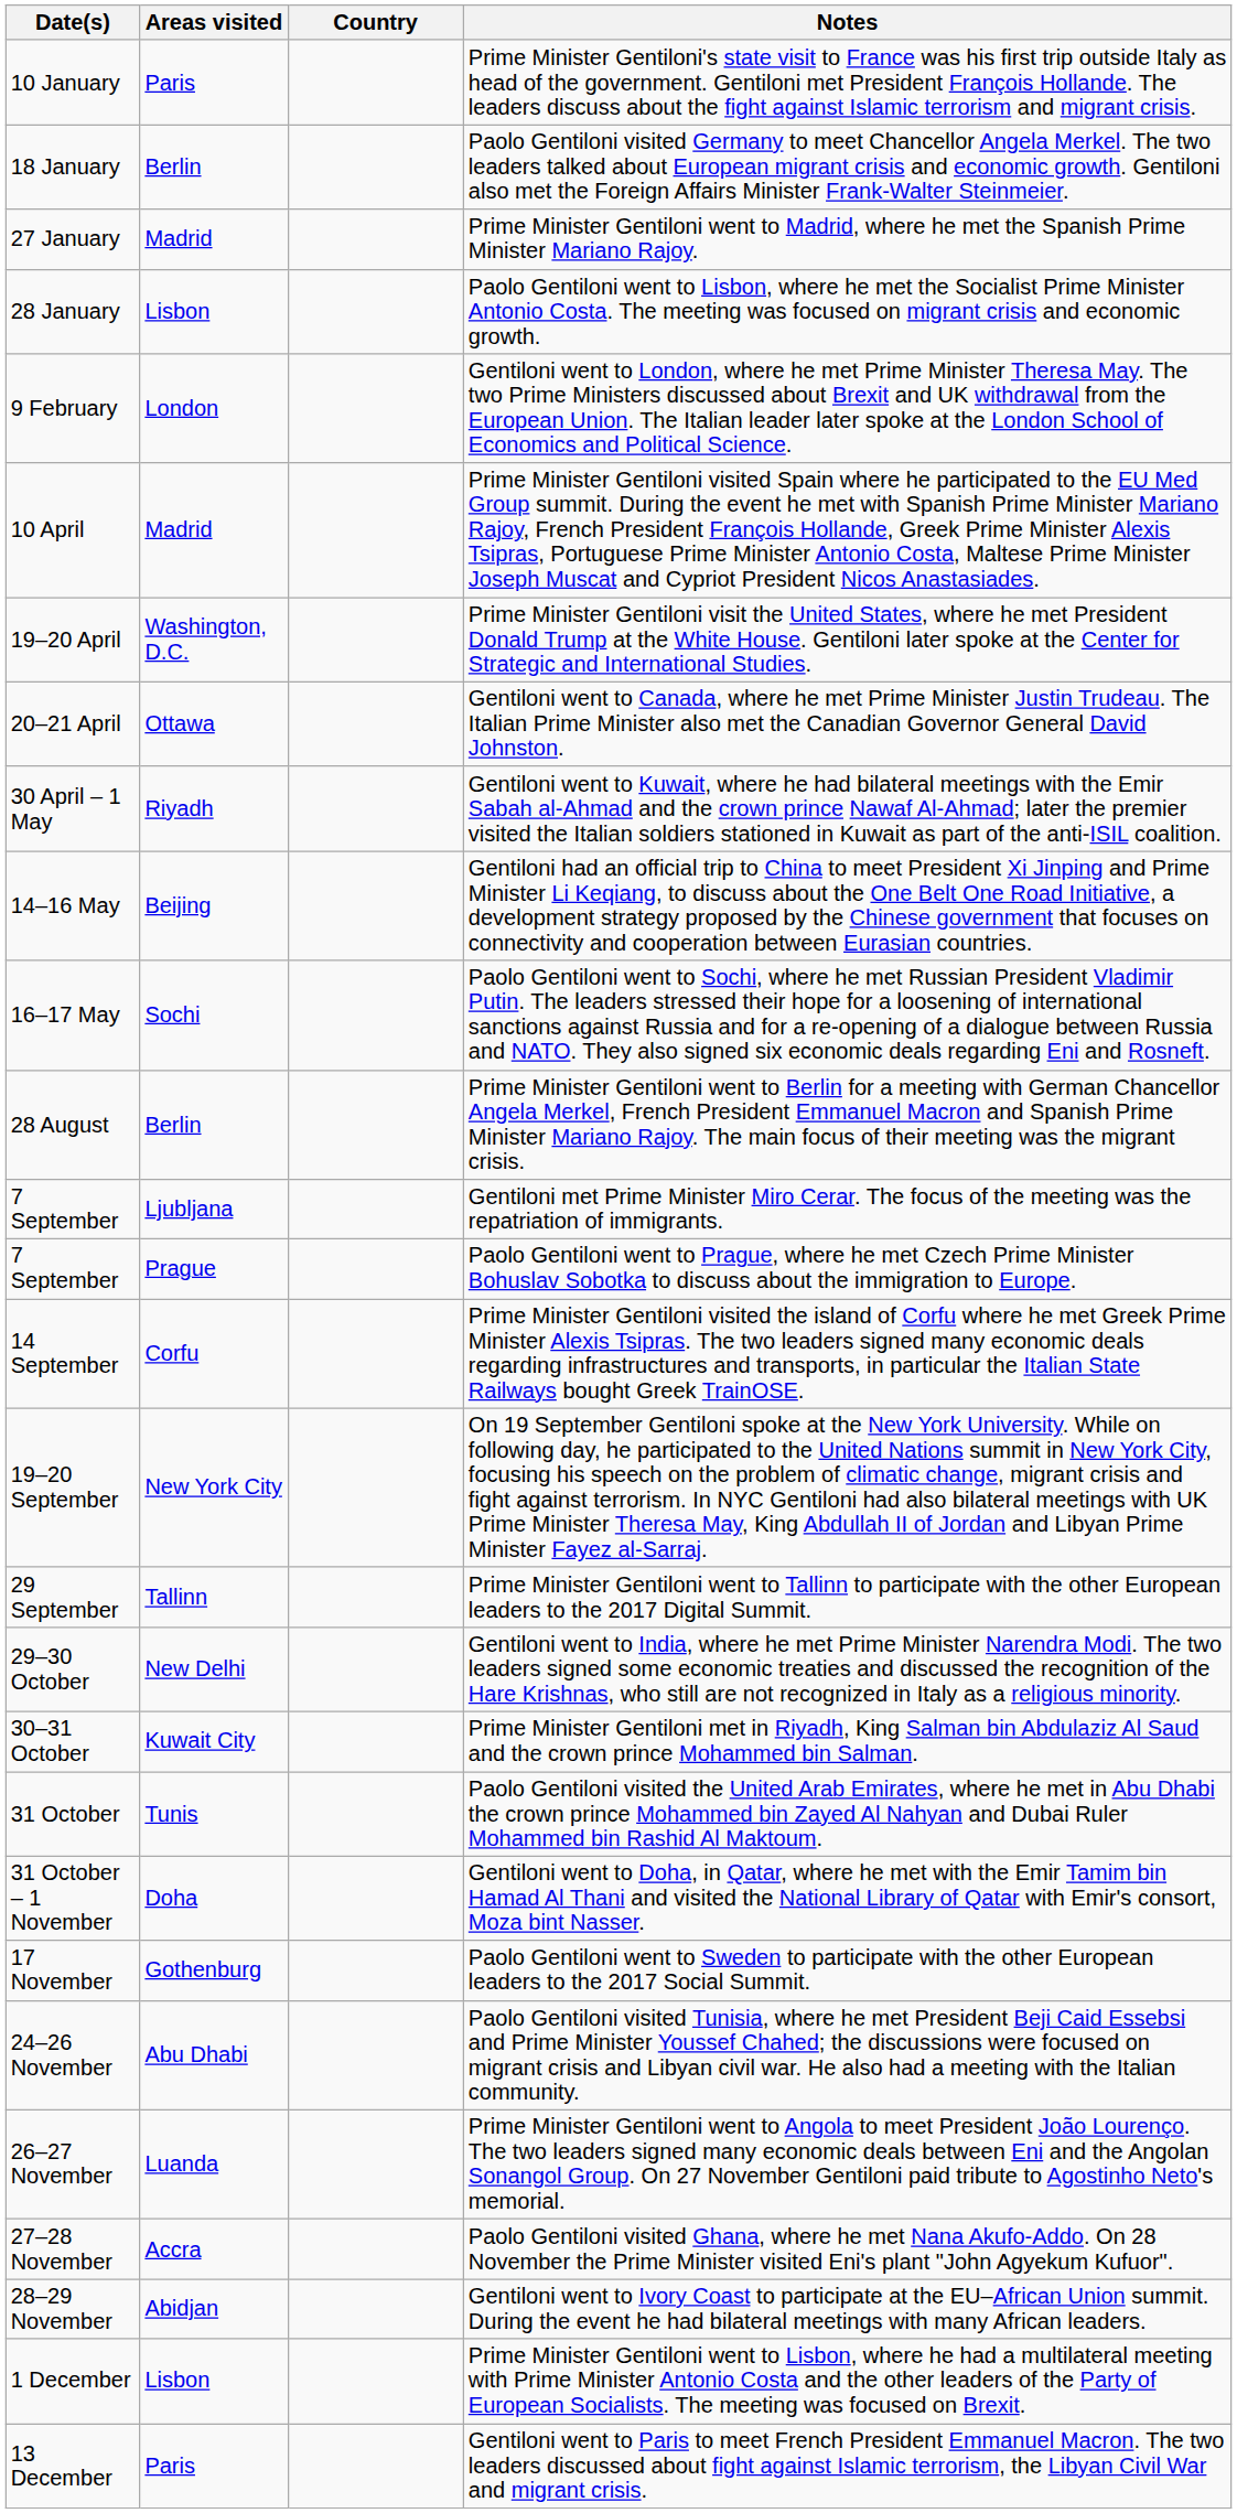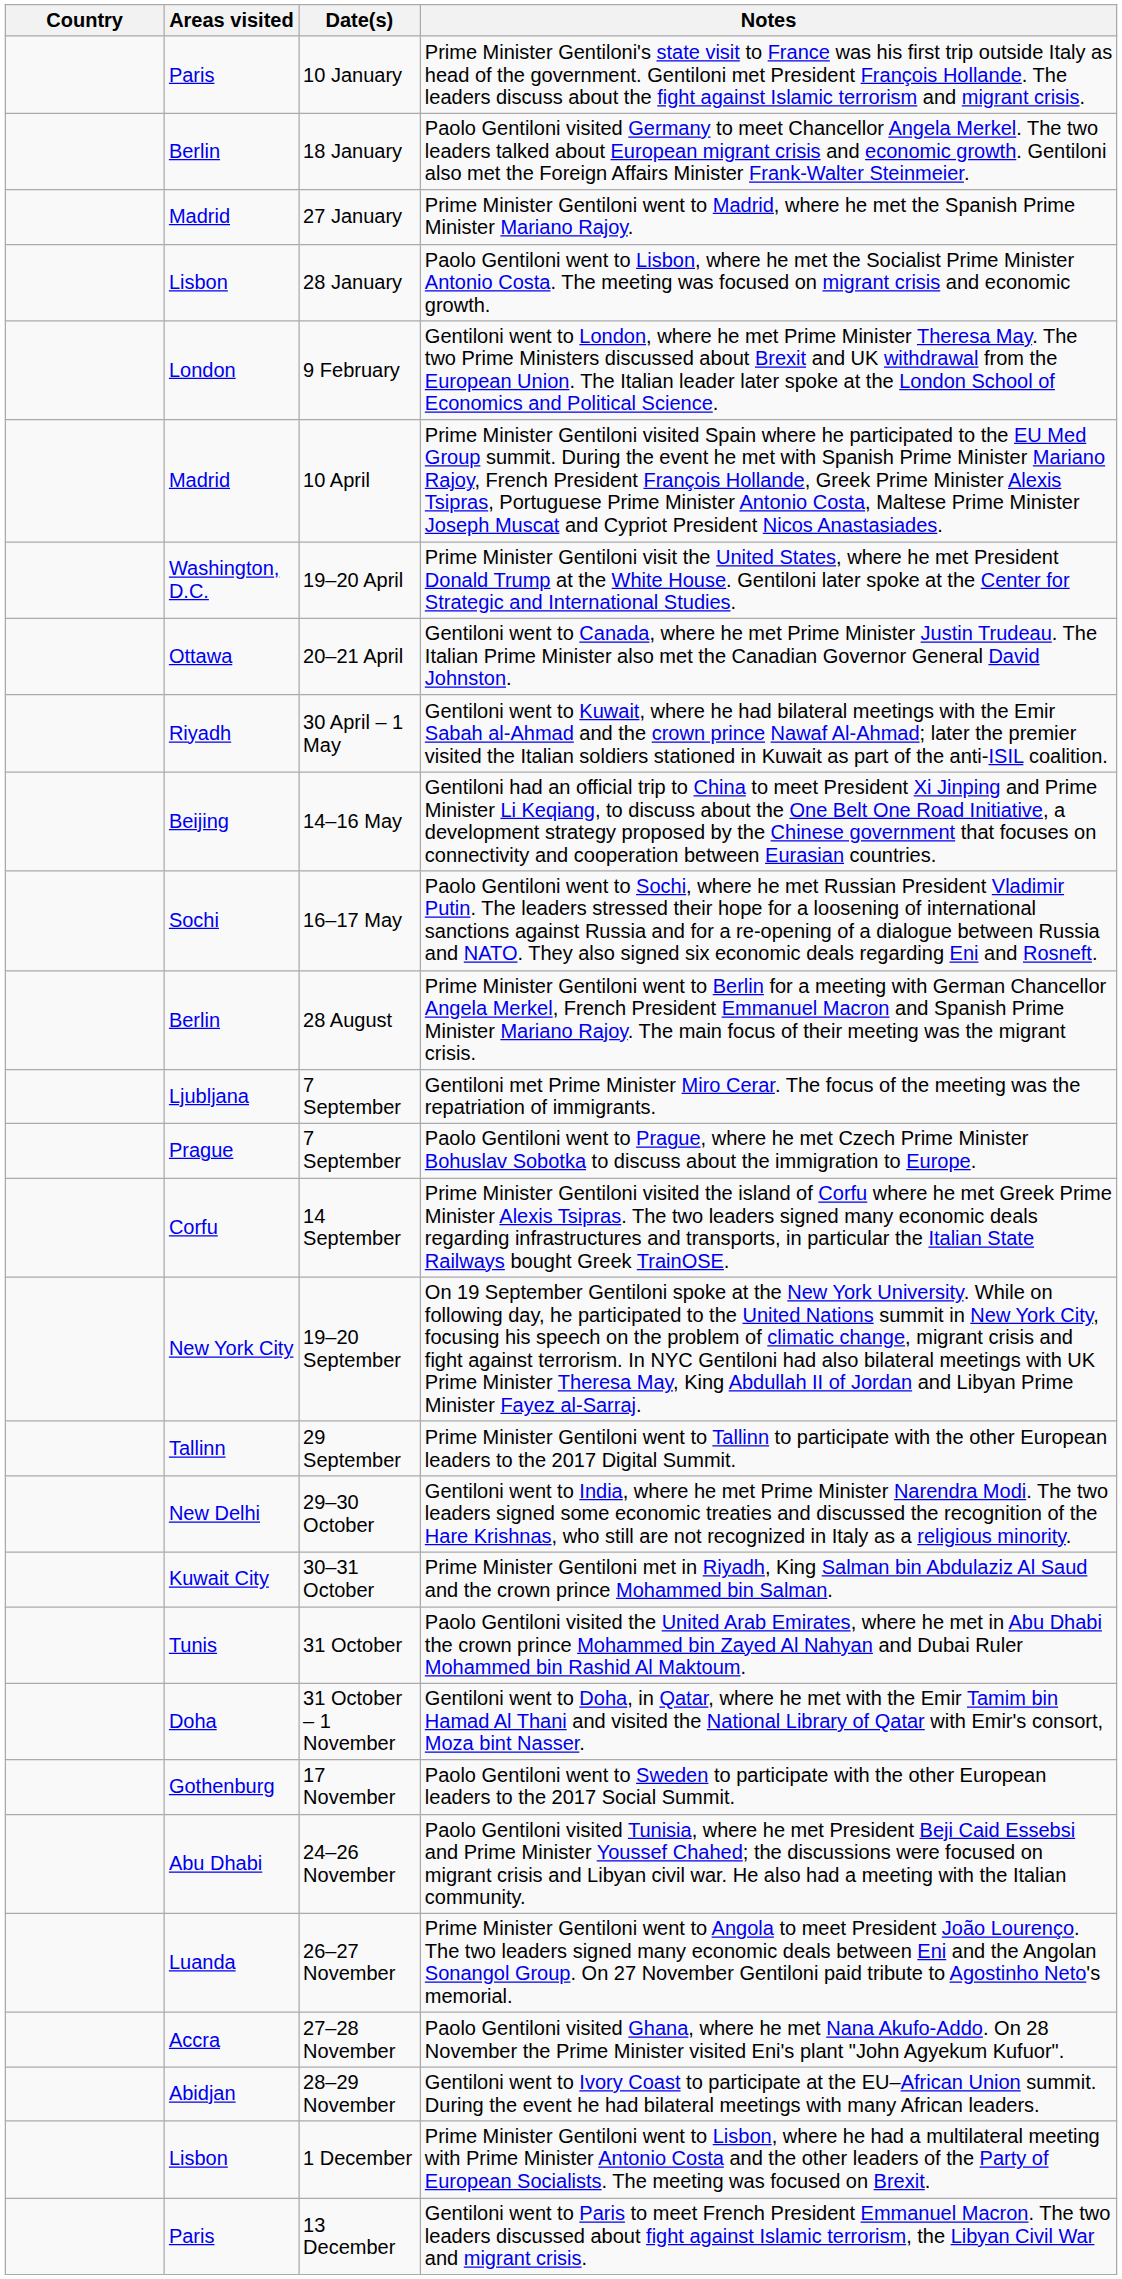 <table class="wikitable" style="margin: 1em auto 1em auto">
 <tr>
+<th width=120>Country</th>
+<th width=100>Areas visited</th>
 <th width=90>Date(s)</th>
-<th width=100>Areas visited</th>
-<th width=120>Country</th>
 <th width=550>Notes</th>
 </tr>
 <tr>
+<td></td>
+<td><a href='#'>Paris</a></td>
 <td>10 January</td>
-<td><a href='#'>Paris</a></td>
-<td></td>
 <td> Prime Minister Gentiloni's <a href='#'>state visit</a> to <a href='#'>France</a> was his first trip outside Italy as head of the government. Gentiloni met President <a href='#'>François Hollande</a>. The leaders discuss about the <a href='#'>fight against Islamic terrorism</a> and <a href='#'>migrant crisis</a>.</td>
 </tr>
 <tr>
+<td></td>
+<td><a href='#'>Berlin</a></td>
 <td>18 January</td>
-<td><a href='#'>Berlin</a></td>
-<td></td>
 <td> Paolo Gentiloni visited <a href='#'>Germany</a> to meet Chancellor <a href='#'>Angela Merkel</a>. The two leaders talked about <a href='#'>European migrant crisis</a> and <a href='#'>economic growth</a>. Gentiloni also met the Foreign Affairs Minister <a href='#'>Frank-Walter Steinmeier</a>.</td>
 </tr>
 <tr>
+<td></td>
+<td><a href='#'>Madrid</a></td>
 <td>27 January</td>
-<td><a href='#'>Madrid</a></td>
-<td></td>
 <td> Prime Minister Gentiloni went to <a href='#'>Madrid</a>, where he met the Spanish Prime Minister <a href='#'>Mariano Rajoy</a>.</td>
 </tr>
 <tr>
+<td></td>
+<td><a href='#'>Lisbon</a></td>
 <td>28 January</td>
-<td><a href='#'>Lisbon</a></td>
-<td></td>
 <td>Paolo Gentiloni went to <a href='#'>Lisbon</a>, where he met the Socialist Prime Minister <a href='#'>Antonio Costa</a>. The meeting was focused on <a href='#'>migrant crisis</a> and economic growth.</td>
 </tr>
 <tr>
+<td></td>
+<td><a href='#'>London</a></td>
 <td>9 February</td>
-<td><a href='#'>London</a></td>
-<td></td>
 <td> Gentiloni went to <a href='#'>London</a>, where he met Prime Minister <a href='#'>Theresa May</a>. The two Prime Ministers discussed about <a href='#'>Brexit</a> and UK <a href='#'>withdrawal</a> from the <a href='#'>European Union</a>. The Italian leader later spoke at the <a href='#'>London School of Economics and Political Science</a>.</td>
 </tr>
 <tr>
+<td></td>
+<td><a href='#'>Madrid</a></td>
 <td>10 April</td>
-<td><a href='#'>Madrid</a></td>
-<td></td>
 <td> Prime Minister Gentiloni visited Spain where he participated to the <a href='#'>EU Med Group</a> summit. During the event he met with Spanish Prime Minister <a href='#'>Mariano Rajoy</a>, French President <a href='#'>François Hollande</a>, Greek Prime Minister <a href='#'>Alexis Tsipras</a>, Portuguese Prime Minister <a href='#'>Antonio Costa</a>, Maltese Prime Minister <a href='#'>Joseph Muscat</a> and Cypriot President <a href='#'>Nicos Anastasiades</a>.</td>
 </tr>
 <tr>
+<td></td>
+<td><a href='#'>Washington, D.C.</a></td>
 <td>19–20 April</td>
-<td><a href='#'>Washington, D.C.</a></td>
-<td></td>
 <td> Prime Minister Gentiloni visit the <a href='#'>United States</a>, where he met President <a href='#'>Donald Trump</a> at the <a href='#'>White House</a>. Gentiloni later spoke at the <a href='#'>Center for Strategic and International Studies</a>.</td>
 </tr>
 <tr>
+<td></td>
+<td><a href='#'>Ottawa</a></td>
 <td>20–21 April</td>
-<td><a href='#'>Ottawa</a></td>
-<td></td>
 <td> Gentiloni went to <a href='#'>Canada</a>, where he met Prime Minister <a href='#'>Justin Trudeau</a>. The Italian Prime Minister also met the Canadian Governor General <a href='#'>David Johnston</a>.</td>
 </tr>
 <tr>
+<td></td>
+<td><a href='#'>Riyadh</a></td>
 <td>30 April – 1 May</td>
-<td><a href='#'>Riyadh</a></td>
-<td></td>
 <td>Gentiloni went to <a href='#'>Kuwait</a>, where he had bilateral meetings with the Emir <a href='#'>Sabah al-Ahmad</a> and the <a href='#'>crown prince</a> <a href='#'>Nawaf Al-Ahmad</a>; later the premier visited the Italian soldiers stationed in Kuwait as part of the anti-<a href='#'>ISIL</a> coalition.</td>
 </tr>
 <tr>
+<td></td>
+<td><a href='#'>Beijing</a></td>
 <td>14–16 May</td>
-<td><a href='#'>Beijing</a></td>
-<td></td>
 <td> Gentiloni had an official trip to <a href='#'>China</a> to meet President <a href='#'>Xi Jinping</a> and Prime Minister <a href='#'>Li Keqiang</a>, to discuss about the <a href='#'>One Belt One Road Initiative</a>, a development strategy proposed by the <a href='#'>Chinese government</a> that focuses on connectivity and cooperation between <a href='#'>Eurasian</a> countries.</td>
 </tr>
 <tr>
+<td></td>
+<td><a href='#'>Sochi</a></td>
 <td>16–17 May</td>
-<td><a href='#'>Sochi</a></td>
-<td></td>
 <td> Paolo Gentiloni went to <a href='#'>Sochi</a>, where he met Russian President <a href='#'>Vladimir Putin</a>. The leaders stressed their hope for a loosening of international sanctions against Russia and for a re-opening of a dialogue between Russia and <a href='#'>NATO</a>. They also signed six economic deals regarding <a href='#'>Eni</a> and <a href='#'>Rosneft</a>.</td>
 </tr>
 <tr>
+<td></td>
+<td><a href='#'>Berlin</a></td>
 <td>28 August</td>
-<td><a href='#'>Berlin</a></td>
-<td></td>
 <td> Prime Minister Gentiloni went to <a href='#'>Berlin</a> for a meeting with German Chancellor <a href='#'>Angela Merkel</a>, French President <a href='#'>Emmanuel Macron</a> and Spanish Prime Minister <a href='#'>Mariano Rajoy</a>. The main focus of their meeting was the migrant crisis.</td>
 </tr>
 <tr>
+<td></td>
+<td><a href='#'>Ljubljana</a></td>
 <td>7 September</td>
-<td><a href='#'>Ljubljana</a></td>
-<td></td>
 <td> Gentiloni met Prime Minister <a href='#'>Miro Cerar</a>. The focus of the meeting was the repatriation  of immigrants.</td>
 </tr>
 <tr>
+<td></td>
+<td><a href='#'>Prague</a></td>
 <td>7 September</td>
-<td><a href='#'>Prague</a></td>
-<td></td>
 <td>Paolo Gentiloni went to <a href='#'>Prague</a>, where he met Czech Prime Minister <a href='#'>Bohuslav Sobotka</a> to discuss about the immigration to <a href='#'>Europe</a>.</td>
 </tr>
 <tr>
+<td></td>
+<td><a href='#'>Corfu</a></td>
 <td>14 September</td>
-<td><a href='#'>Corfu</a></td>
-<td></td>
 <td> Prime Minister Gentiloni visited the island of <a href='#'>Corfu</a> where he met Greek Prime Minister <a href='#'>Alexis Tsipras</a>. The two leaders signed many economic deals regarding infrastructures and transports, in particular the <a href='#'>Italian State Railways</a> bought Greek <a href='#'>TrainOSE</a>.</td>
 </tr>
 <tr>
+<td></td>
+<td><a href='#'>New York City</a></td>
 <td>19–20 September</td>
-<td><a href='#'>New York City</a></td>
-<td></td>
 <td> On 19 September Gentiloni spoke at the <a href='#'>New York University</a>. While on following day, he participated to the <a href='#'>United Nations</a> summit in <a href='#'>New York City</a>, focusing his speech on the problem of <a href='#'>climatic change</a>, migrant crisis and fight against terrorism. In NYC Gentiloni had also bilateral meetings with UK Prime Minister <a href='#'>Theresa May</a>, King <a href='#'>Abdullah II of Jordan</a> and Libyan Prime Minister <a href='#'>Fayez al-Sarraj</a>.</td>
 </tr>
 <tr>
+<td></td>
+<td><a href='#'>Tallinn</a></td>
 <td>29 September</td>
-<td><a href='#'>Tallinn</a></td>
-<td></td>
 <td>Prime Minister Gentiloni went to <a href='#'>Tallinn</a> to participate with the other European leaders to the 2017 Digital Summit.</td>
 </tr>
 <tr>
+<td></td>
+<td><a href='#'>New Delhi</a></td>
 <td>29–30 October</td>
-<td><a href='#'>New Delhi</a></td>
-<td></td>
 <td> Gentiloni went to <a href='#'>India</a>, where he met Prime Minister <a href='#'>Narendra Modi</a>. The two leaders signed some economic treaties and discussed the recognition of the <a href='#'>Hare Krishnas</a>, who still are not recognized in Italy as a <a href='#'>religious minority</a>.</td>
 </tr>
 <tr>
+<td></td>
+<td><a href='#'>Kuwait City</a></td>
 <td>30–31 October</td>
-<td><a href='#'>Kuwait City</a></td>
-<td></td>
 <td>Prime Minister Gentiloni met in <a href='#'>Riyadh</a>, King <a href='#'>Salman bin Abdulaziz Al Saud</a> and the crown prince <a href='#'>Mohammed bin Salman</a>.</td>
 </tr>
 <tr>
+<td></td>
+<td><a href='#'>Tunis</a></td>
 <td>31 October</td>
-<td><a href='#'>Tunis</a></td>
-<td></td>
 <td>Paolo Gentiloni visited the <a href='#'>United Arab Emirates</a>, where he met in <a href='#'>Abu Dhabi</a> the crown prince <a href='#'>Mohammed bin Zayed Al Nahyan</a> and Dubai Ruler <a href='#'>Mohammed bin Rashid Al Maktoum</a>.</td>
 </tr>
 <tr>
+<td></td>
+<td><a href='#'>Doha</a></td>
 <td>31 October – 1 November</td>
-<td><a href='#'>Doha</a></td>
-<td></td>
 <td>Gentiloni went to <a href='#'>Doha</a>, in <a href='#'>Qatar</a>, where he met with the Emir <a href='#'>Tamim bin Hamad Al Thani</a> and visited the <a href='#'>National Library of Qatar</a> with Emir's consort, <a href='#'>Moza bint Nasser</a>.</td>
 </tr>
 <tr>
+<td></td>
+<td><a href='#'>Gothenburg</a></td>
 <td>17 November</td>
-<td><a href='#'>Gothenburg</a></td>
-<td></td>
 <td>Paolo Gentiloni went to <a href='#'>Sweden</a> to participate with the other European leaders to the 2017 Social Summit.</td>
 </tr>
 <tr>
+<td></td>
+<td><a href='#'>Abu Dhabi</a></td>
 <td>24–26 November</td>
-<td><a href='#'>Abu Dhabi</a></td>
-<td></td>
 <td> Paolo Gentiloni visited <a href='#'>Tunisia</a>, where he met President <a href='#'>Beji Caid Essebsi</a> and Prime Minister <a href='#'>Youssef Chahed</a>; the discussions were focused on migrant crisis and Libyan civil war. He also had a meeting with the Italian community.</td>
 </tr>
 <tr>
+<td></td>
+<td><a href='#'>Luanda</a></td>
 <td>26–27 November</td>
-<td><a href='#'>Luanda</a></td>
-<td></td>
 <td>Prime Minister Gentiloni went to <a href='#'>Angola</a> to meet President <a href='#'>João Lourenço</a>. The two leaders signed many economic deals between <a href='#'>Eni</a> and the Angolan <a href='#'>Sonangol Group</a>. On 27 November Gentiloni paid tribute to <a href='#'>Agostinho Neto</a>'s memorial.</td>
 </tr>
 <tr>
+<td></td>
+<td><a href='#'>Accra</a></td>
 <td>27–28 November</td>
-<td><a href='#'>Accra</a></td>
-<td></td>
 <td>Paolo Gentiloni visited <a href='#'>Ghana</a>, where he met <a href='#'>Nana Akufo-Addo</a>. On 28 November the Prime Minister visited Eni's plant "John Agyekum Kufuor".</td>
 </tr>
 <tr>
+<td></td>
+<td><a href='#'>Abidjan</a></td>
 <td>28–29 November</td>
-<td><a href='#'>Abidjan</a></td>
-<td></td>
 <td>Gentiloni went to <a href='#'>Ivory Coast</a> to participate at the EU–<a href='#'>African Union</a> summit. During the event he had bilateral meetings with many African leaders.</td>
 </tr>
 <tr>
+<td></td>
+<td><a href='#'>Lisbon</a></td>
 <td>1 December</td>
-<td><a href='#'>Lisbon</a></td>
-<td></td>
 <td>Prime Minister Gentiloni went to <a href='#'>Lisbon</a>, where he had a multilateral meeting with Prime Minister <a href='#'>Antonio Costa</a> and the other leaders of the <a href='#'>Party of European Socialists</a>. The meeting was focused on <a href='#'>Brexit</a>.</td>
 </tr>
 <tr>
+<td></td>
+<td><a href='#'>Paris</a></td>
 <td>13 December</td>
-<td><a href='#'>Paris</a></td>
-<td></td>
 <td> Gentiloni went to <a href='#'>Paris</a> to meet French President <a href='#'>Emmanuel Macron</a>. The two leaders discussed about <a href='#'>fight against Islamic terrorism</a>, the <a href='#'>Libyan Civil War</a> and <a href='#'>migrant crisis</a>.</td>
 </tr>
 </table>
